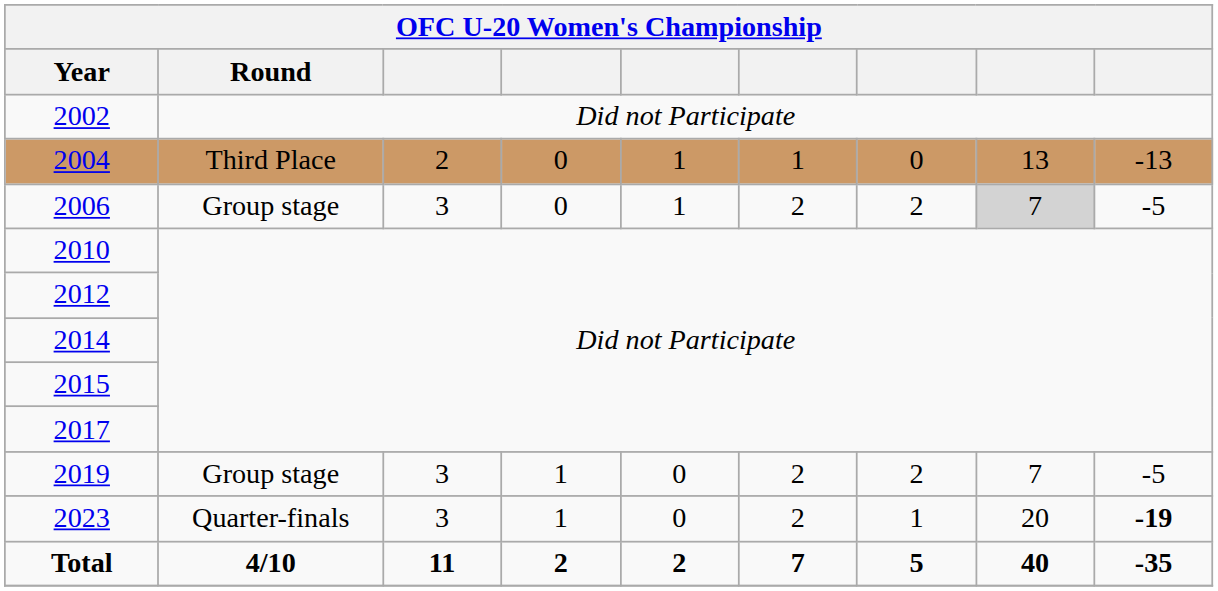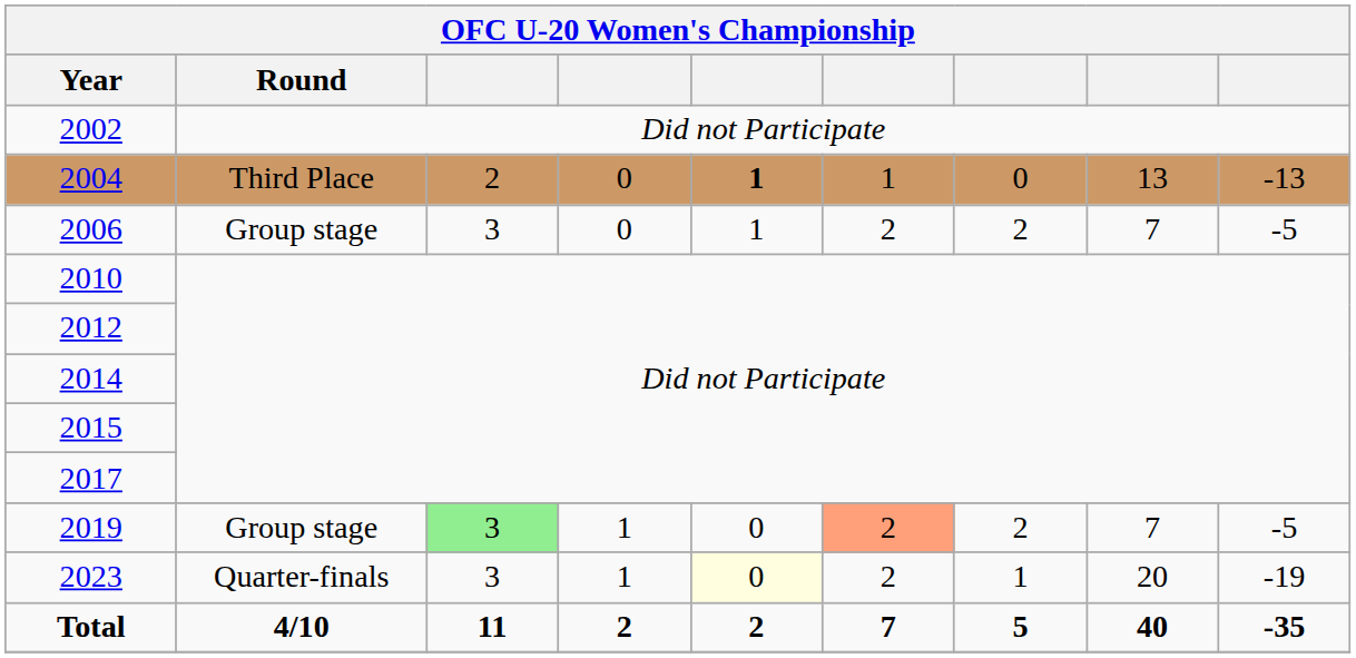 <table class="wikitable" style="text-align: center;">
 <tr>
 <th colspan=10><a href='#'>OFC U-20 Women's Championship</a></th>
 </tr>
 <tr>
 <th width=80>Year</th>
 <th width=120>Round</th>
 <th width=60></th>
 <th width=60></th>
 <th width=60></th>
 <th width=60></th>
 <th width=60></th>
 <th width=60></th>
 <th width=60></th>
 </tr>
 <tr>
 <td> <a href='#'>2002</a></td>
 <td colspan=8><em>Did not Participate</em></td>
 </tr>
 <tr bgcolor=cc9966>
 <td> <a href='#'>2004</a></td>
 <td>Third Place</td>
 <td>2</td>
 <td>0</td>
-<td>1</td>
+<td><strong>1</strong></td>
 <td>1</td>
 <td>0</td>
 <td>13</td>
 <td>-13</td>
 </tr>
 <tr>
 <td> <a href='#'>2006</a></td>
 <td>Group stage</td>
 <td>3</td>
 <td>0</td>
 <td>1</td>
 <td>2</td>
 <td>2</td>
-<td style="background: lightgrey;">7</td>
+<td>7</td>
 <td>-5</td>
 </tr>
 <tr>
 <td> <a href='#'>2010</a></td>
 <td rowspan=5 colspan=8><em>Did not Participate</em></td>
 </tr>
 <tr>
 <td> <a href='#'>2012</a></td>
 </tr>
 <tr>
 <td> <a href='#'>2014</a></td>
 </tr>
 <tr>
 <td> <a href='#'>2015</a></td>
 </tr>
 <tr>
 <td> <a href='#'>2017</a></td>
 </tr>
 <tr>
 <td> <a href='#'>2019</a></td>
 <td>Group stage</td>
-<td>3</td>
+<td style="background: lightgreen;">3</td>
 <td>1</td>
 <td>0</td>
-<td>2</td>
+<td style="background: lightsalmon;">2</td>
 <td>2</td>
 <td>7</td>
 <td>-5</td>
 </tr>
 <tr>
 <td> <a href='#'>2023</a></td>
 <td>Quarter-finals</td>
 <td>3</td>
 <td>1</td>
-<td>0</td>
+<td style="background: lightyellow;">0</td>
 <td>2</td>
 <td>1</td>
 <td>20</td>
-<td><strong>-19</strong></td>
+<td>-19</td>
 </tr>
 <tr>
 <td><strong>Total</strong></td>
 <td><strong>4/10</strong></td>
 <td><strong>11</strong></td>
 <td><strong>2</strong></td>
 <td><strong>2</strong></td>
 <td><strong>7</strong></td>
 <td><strong>5</strong></td>
 <td><strong>40</strong></td>
 <td><strong>-35</strong></td>
 </tr>
 <tr>
 </tr>
 </table>
